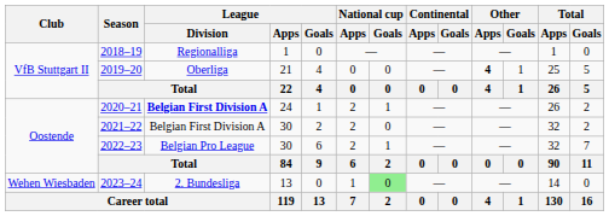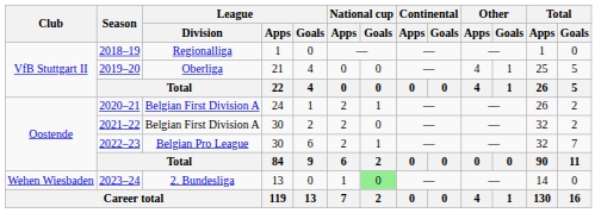 <table class="wikitable" style="text-align:center">
 <tr>
 <th rowspan="2">Club</th>
 <th rowspan="2">Season</th>
 <th colspan="3">League</th>
 <th colspan="2">National cup</th>
 <th colspan="2">Continental</th>
 <th colspan="2">Other</th>
 <th colspan="2">Total</th>
 </tr>
 <tr>
 <th>Division</th>
 <th>Apps</th>
 <th>Goals</th>
 <th>Apps</th>
 <th>Goals</th>
 <th>Apps</th>
 <th>Goals</th>
 <th>Apps</th>
 <th>Goals</th>
 <th>Apps</th>
 <th>Goals</th>
 </tr>
 <tr>
 <td rowspan="3"><a href='#'>VfB Stuttgart II</a></td>
 <td><a href='#'>2018–19</a></td>
 <td><a href='#'>Regionalliga</a></td>
 <td>1</td>
 <td>0</td>
 <td colspan="2">—</td>
 <td colspan="2">—</td>
 <td colspan="2">—</td>
 <td>1</td>
 <td>0</td>
 </tr>
 <tr>
 <td><a href='#'>2019–20</a></td>
 <td><a href='#'>Oberliga</a></td>
 <td>21</td>
 <td>4</td>
 <td>0</td>
 <td>0</td>
 <td colspan="2">—</td>
-<td><strong>4</strong></td>
+<td>4</td>
 <td>1</td>
 <td>25</td>
 <td>5</td>
 </tr>
 <tr>
 <th colspan="2">Total</th>
 <th>22</th>
 <th>4</th>
 <th>0</th>
 <th>0</th>
 <th>0</th>
 <th>0</th>
 <th>4</th>
 <th>1</th>
 <th>26</th>
 <th>5</th>
 </tr>
 <tr>
 <td rowspan="4"><a href='#'>Oostende</a></td>
 <td><a href='#'>2020–21</a></td>
-<td><strong><a href='#'>Belgian First Division A</a></strong></td>
+<td><a href='#'>Belgian First Division A</a></td>
 <td>24</td>
 <td>1</td>
 <td>2</td>
 <td>1</td>
 <td colspan="2">—</td>
 <td colspan="2">—</td>
 <td>26</td>
 <td>2</td>
 </tr>
 <tr>
 <td><a href='#'>2021–22</a></td>
 <td>Belgian First Division A</td>
 <td>30</td>
 <td>2</td>
 <td>2</td>
 <td>0</td>
 <td colspan="2">—</td>
 <td colspan="2">—</td>
 <td>32</td>
 <td>2</td>
 </tr>
 <tr>
 <td><a href='#'>2022–23</a></td>
 <td><a href='#'>Belgian Pro League</a></td>
 <td>30</td>
 <td>6</td>
 <td>2</td>
 <td>1</td>
 <td colspan="2">—</td>
 <td colspan="2">—</td>
 <td>32</td>
 <td>7</td>
 </tr>
 <tr>
 <th colspan="2">Total</th>
 <th>84</th>
 <th>9</th>
 <th>6</th>
 <th>2</th>
 <th>0</th>
 <th>0</th>
 <th>0</th>
 <th>0</th>
 <th>90</th>
 <th>11</th>
 </tr>
 <tr>
 <td><a href='#'>Wehen Wiesbaden</a></td>
 <td><a href='#'>2023–24</a></td>
 <td><a href='#'>2. Bundesliga</a></td>
 <td>13</td>
 <td>0</td>
 <td>1</td>
 <td style="background: lightgreen;">0</td>
 <td colspan="2">—</td>
 <td colspan="2">—</td>
 <td>14</td>
 <td>0</td>
 </tr>
 <tr>
 <th colspan="3">Career total</th>
 <th>119</th>
 <th>13</th>
 <th>7</th>
 <th>2</th>
 <th>0</th>
 <th>0</th>
 <th>4</th>
 <th>1</th>
 <th>130</th>
 <th>16</th>
 </tr>
 </table>
